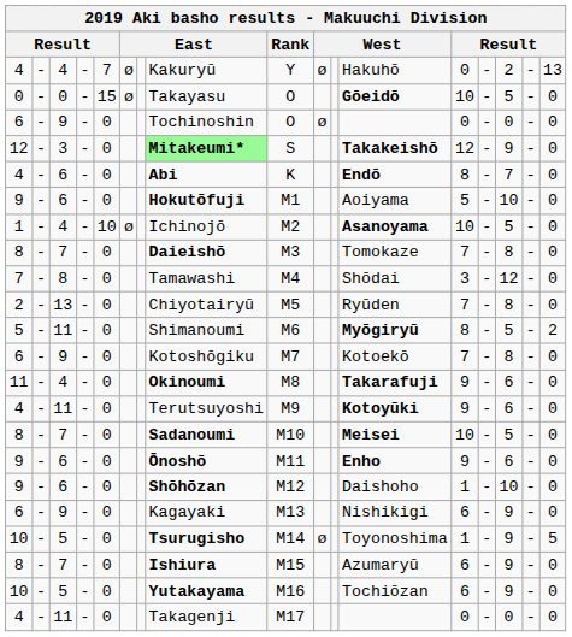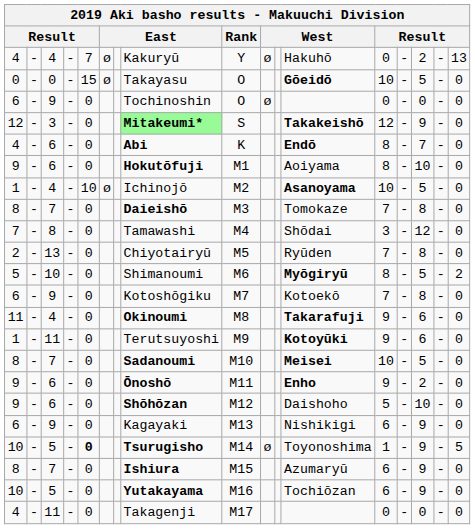 <table class="wikitable">
 <tr>
 <th colspan="17">2019 Aki basho results  - Makuuchi Division</th>
 </tr>
 <tr>
 <th colspan="5">Result</th>
 <th colspan="3">East</th>
 <th>Rank</th>
 <th colspan="3">West</th>
 <th colspan="5">Result</th>
 </tr>
 <tr>
 <td align=center>4</td>
 <td align=center>-</td>
 <td align=center>4</td>
 <td align=center>-</td>
 <td align=center>7</td>
 <td align=center>ø</td>
 <td align=center></td>
 <td>Kakuryū</td>
 <td align=center>Y</td>
 <td align=center>ø</td>
 <td align=center></td>
 <td>Hakuhō</td>
 <td align=center>0</td>
 <td align=center>-</td>
 <td align=center>2</td>
 <td align=center>-</td>
 <td align=center>13</td>
 </tr>
 <tr>
 <td align=center>0</td>
 <td align=center>-</td>
 <td align=center>0</td>
 <td align=center>-</td>
 <td align=center>15</td>
 <td align=center>ø</td>
 <td align=center></td>
 <td>Takayasu</td>
 <td align=center>O</td>
 <td align=center></td>
 <td align=center></td>
 <td><strong>Gōeidō</strong></td>
 <td align=center>10</td>
 <td align=center>-</td>
 <td align=center>5</td>
 <td align=center>-</td>
 <td align=center>0</td>
 </tr>
 <tr>
 <td align=center>6</td>
 <td align=center>-</td>
 <td align=center>9</td>
 <td align=center>-</td>
 <td align=center>0</td>
 <td align=center></td>
 <td align=center></td>
 <td>Tochinoshin</td>
 <td align=center>O</td>
 <td align=center>ø</td>
 <td align=center></td>
 <td></td>
 <td align=center>0</td>
 <td align=center>-</td>
 <td align=center>0</td>
 <td align=center>-</td>
 <td align=center>0</td>
 </tr>
 <tr>
 <td align=center>12</td>
 <td align=center>-</td>
 <td align=center>3</td>
 <td align=center>-</td>
 <td align=center>0</td>
 <td align=center></td>
 <td align=center></td>
 <td style="background: PaleGreen;"><strong>Mitakeumi*</strong></td>
 <td align=center>S</td>
 <td align=center></td>
 <td align=center></td>
 <td><strong>Takakeishō</strong></td>
 <td align=center>12</td>
 <td align=center>-</td>
 <td align=center>9</td>
 <td align=center>-</td>
 <td align=center>0</td>
 </tr>
 <tr>
 <td align=center>4</td>
 <td align=center>-</td>
 <td align=center>6</td>
 <td align=center>-</td>
 <td align=center>0</td>
 <td align=center></td>
 <td align=center></td>
 <td><strong>Abi</strong></td>
 <td align=center>K</td>
 <td align=center></td>
 <td align=center></td>
 <td><strong>Endō</strong></td>
 <td align=center>8</td>
 <td align=center>-</td>
 <td align=center>7</td>
 <td align=center>-</td>
 <td align=center>0</td>
 </tr>
 <tr>
 <td align=center>9</td>
 <td align=center>-</td>
 <td align=center>6</td>
 <td align=center>-</td>
 <td align=center>0</td>
 <td align=center></td>
 <td align=center></td>
 <td><strong>Hokutōfuji</strong></td>
 <td align=center>M1</td>
 <td align=center></td>
 <td align=center></td>
 <td>Aoiyama</td>
-<td align=center>5</td>
+<td align=center>8</td>
 <td align=center>-</td>
 <td align=center>10</td>
 <td align=center>-</td>
 <td align=center>0</td>
 </tr>
 <tr>
 <td align=center>1</td>
 <td align=center>-</td>
 <td align=center>4</td>
 <td align=center>-</td>
 <td align=center>10</td>
 <td align=center>ø</td>
 <td align=center></td>
 <td>Ichinojō</td>
 <td align=center>M2</td>
 <td align=center></td>
 <td align=center></td>
 <td><strong>Asanoyama</strong></td>
 <td align=center>10</td>
 <td align=center>-</td>
 <td align=center>5</td>
 <td align=center>-</td>
 <td align=center>0</td>
 </tr>
 <tr>
 <td align=center>8</td>
 <td align=center>-</td>
 <td align=center>7</td>
 <td align=center>-</td>
 <td align=center>0</td>
 <td align=center></td>
 <td align=center></td>
 <td><strong>Daieishō</strong></td>
 <td align=center>M3</td>
 <td align=center></td>
 <td align=center></td>
 <td>Tomokaze</td>
 <td align=center>7</td>
 <td align=center>-</td>
 <td align=center>8</td>
 <td align=center>-</td>
 <td align=center>0</td>
 </tr>
 <tr>
 <td align=center>7</td>
 <td align=center>-</td>
 <td align=center>8</td>
 <td align=center>-</td>
 <td align=center>0</td>
 <td align=center></td>
 <td align=center></td>
 <td>Tamawashi</td>
 <td align=center>M4</td>
 <td align=center></td>
 <td align=center></td>
 <td>Shōdai</td>
 <td align=center>3</td>
 <td align=center>-</td>
 <td align=center>12</td>
 <td align=center>-</td>
 <td align=center>0</td>
 </tr>
 <tr>
 <td align=center>2</td>
 <td align=center>-</td>
 <td align=center>13</td>
 <td align=center>-</td>
 <td align=center>0</td>
 <td align=center></td>
 <td align=center></td>
 <td>Chiyotairyū</td>
 <td align=center>M5</td>
 <td align=center></td>
 <td align=center></td>
 <td>Ryūden</td>
 <td align=center>7</td>
 <td align=center>-</td>
 <td align=center>8</td>
 <td align=center>-</td>
 <td align=center>0</td>
 </tr>
 <tr>
 <td align=center>5</td>
 <td align=center>-</td>
-<td align=center>11</td>
+<td align=center>10</td>
 <td align=center>-</td>
 <td align=center>0</td>
 <td align=center></td>
 <td align=center></td>
 <td>Shimanoumi</td>
 <td align=center>M6</td>
 <td align=center></td>
 <td align=center></td>
 <td><strong>Myōgiryū</strong></td>
 <td align=center>8</td>
 <td align=center>-</td>
 <td align=center>5</td>
 <td align=center>-</td>
 <td align=center>2</td>
 </tr>
 <tr>
 <td align=center>6</td>
 <td align=center>-</td>
 <td align=center>9</td>
 <td align=center>-</td>
 <td align=center>0</td>
 <td align=center></td>
 <td align=center></td>
 <td>Kotoshōgiku</td>
 <td align=center>M7</td>
 <td align=center></td>
 <td align=center></td>
 <td>Kotoekō</td>
 <td align=center>7</td>
 <td align=center>-</td>
 <td align=center>8</td>
 <td align=center>-</td>
 <td align=center>0</td>
 </tr>
 <tr>
 <td align=center>11</td>
 <td align=center>-</td>
 <td align=center>4</td>
 <td align=center>-</td>
 <td align=center>0</td>
 <td align=center></td>
 <td align=center></td>
 <td><strong>Okinoumi</strong></td>
 <td align=center>M8</td>
 <td align=center></td>
 <td align=center></td>
 <td><strong>Takarafuji</strong></td>
 <td align=center>9</td>
 <td align=center>-</td>
 <td align=center>6</td>
 <td align=center>-</td>
 <td align=center>0</td>
 </tr>
 <tr>
-<td align=center>4</td>
+<td align=center>1</td>
 <td align=center>-</td>
 <td align=center>11</td>
 <td align=center>-</td>
 <td align=center>0</td>
 <td align=center></td>
 <td align=center></td>
 <td>Terutsuyoshi</td>
 <td align=center>M9</td>
 <td align=center></td>
 <td align=center></td>
 <td><strong>Kotoyūki</strong></td>
 <td align=center>9</td>
 <td align=center>-</td>
 <td align=center>6</td>
 <td align=center>-</td>
 <td align=center>0</td>
 </tr>
 <tr>
 <td align=center>8</td>
 <td align=center>-</td>
 <td align=center>7</td>
 <td align=center>-</td>
 <td align=center>0</td>
 <td align=center></td>
 <td align=center></td>
 <td><strong>Sadanoumi</strong></td>
 <td align=center>M10</td>
 <td align=center></td>
 <td align=center></td>
 <td><strong>Meisei</strong></td>
 <td align=center>10</td>
 <td align=center>-</td>
 <td align=center>5</td>
 <td align=center>-</td>
 <td align=center>0</td>
 </tr>
 <tr>
 <td align=center>9</td>
 <td align=center>-</td>
 <td align=center>6</td>
 <td align=center>-</td>
 <td align=center>0</td>
 <td align=center></td>
 <td align=center></td>
 <td><strong>Ōnoshō</strong></td>
 <td align=center>M11</td>
 <td align=center></td>
 <td align=center></td>
 <td><strong>Enho</strong></td>
 <td align=center>9</td>
 <td align=center>-</td>
-<td align=center>6</td>
+<td align=center>2</td>
 <td align=center>-</td>
 <td align=center>0</td>
 </tr>
 <tr>
 <td align=center>9</td>
 <td align=center>-</td>
 <td align=center>6</td>
 <td align=center>-</td>
 <td align=center>0</td>
 <td align=center></td>
 <td align=center></td>
 <td><strong>Shōhōzan</strong></td>
 <td align=center>M12</td>
 <td align=center></td>
 <td align=center></td>
 <td>Daishoho</td>
-<td align=center>1</td>
+<td align=center>5</td>
 <td align=center>-</td>
 <td align=center>10</td>
 <td align=center>-</td>
 <td align=center>0</td>
 </tr>
 <tr>
 <td align=center>6</td>
 <td align=center>-</td>
 <td align=center>9</td>
 <td align=center>-</td>
 <td align=center>0</td>
 <td align=center></td>
 <td align=center></td>
 <td>Kagayaki</td>
 <td align=center>M13</td>
 <td align=center></td>
 <td align=center></td>
 <td>Nishikigi</td>
 <td align=center>6</td>
 <td align=center>-</td>
 <td align=center>9</td>
 <td align=center>-</td>
 <td align=center>0</td>
 </tr>
 <tr>
 <td align=center>10</td>
 <td align=center>-</td>
 <td align=center>5</td>
 <td align=center>-</td>
-<td align=center>0</td>
+<td align=center><strong>0</strong></td>
 <td align=center></td>
 <td align=center></td>
 <td><strong>Tsurugisho</strong></td>
 <td align=center>M14</td>
 <td align=center>ø</td>
 <td align=center></td>
 <td>Toyonoshima</td>
 <td align=center>1</td>
 <td align=center>-</td>
 <td align=center>9</td>
 <td align=center>-</td>
 <td align=center>5</td>
 </tr>
 <tr>
 <td align=center>8</td>
 <td align=center>-</td>
 <td align=center>7</td>
 <td align=center>-</td>
 <td align=center>0</td>
 <td align=center></td>
 <td align=center></td>
 <td><strong>Ishiura</strong></td>
 <td align=center>M15</td>
 <td align=center></td>
 <td align=center></td>
 <td>Azumaryū</td>
 <td align=center>6</td>
 <td align=center>-</td>
 <td align=center>9</td>
 <td align=center>-</td>
 <td align=center>0</td>
 </tr>
 <tr>
 <td align=center>10</td>
 <td align=center>-</td>
 <td align=center>5</td>
 <td align=center>-</td>
 <td align=center>0</td>
 <td align=center></td>
 <td align=center></td>
 <td><strong>Yutakayama</strong></td>
 <td align=center>M16</td>
 <td align=center></td>
 <td align=center></td>
 <td>Tochiōzan</td>
 <td align=center>6</td>
 <td align=center>-</td>
 <td align=center>9</td>
 <td align=center>-</td>
 <td align=center>0</td>
 </tr>
 <tr>
 <td align=center>4</td>
 <td align=center>-</td>
 <td align=center>11</td>
 <td align=center>-</td>
 <td align=center>0</td>
 <td align=center></td>
 <td align=center></td>
 <td>Takagenji</td>
 <td align=center>M17</td>
 <td align=center></td>
 <td align=center></td>
 <td></td>
 <td align=center>0</td>
 <td align=center>-</td>
 <td align=center>0</td>
 <td align=center>-</td>
 <td align=center>0</td>
 </tr>
 </table>
